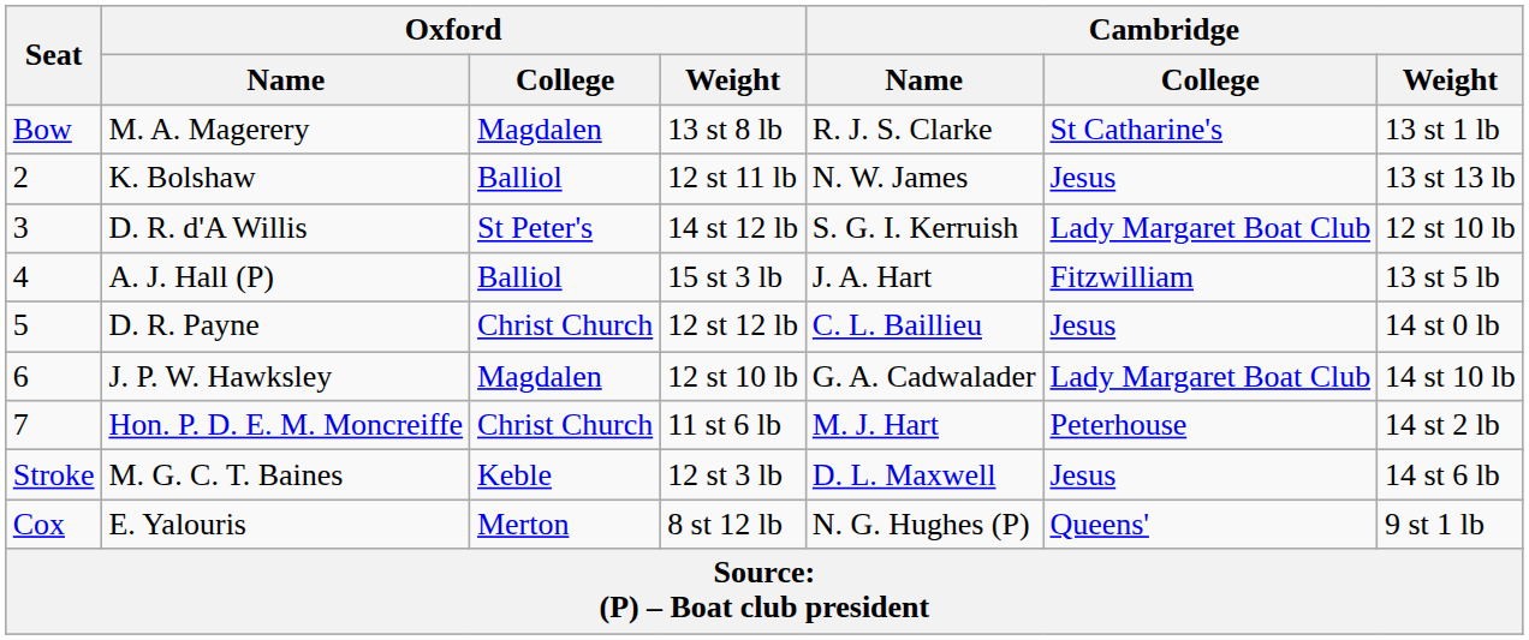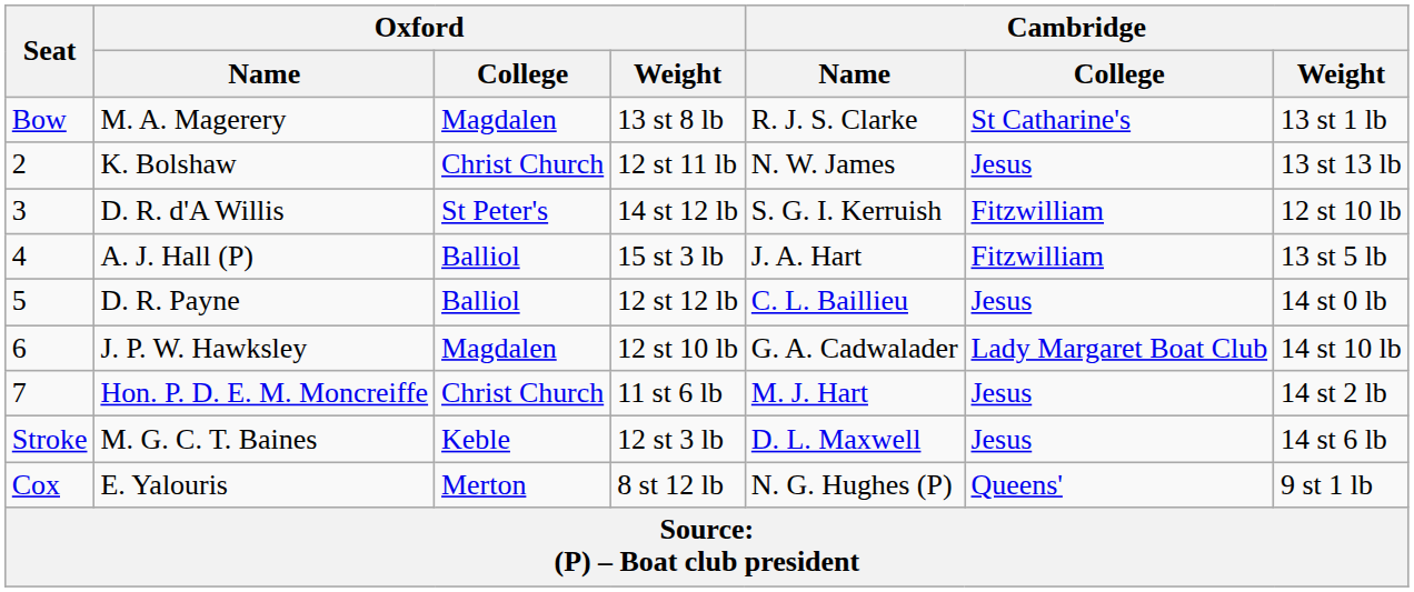 <table class="wikitable">
 <tr>
 <th rowspan="2" scope="col">Seat</th>
 <th colspan="3" scope="col">Oxford <br> </th>
 <th colspan="3" scope="col">Cambridge <br> </th>
 </tr>
 <tr>
 <th>Name</th>
 <th>College</th>
 <th>Weight</th>
 <th>Name</th>
 <th>College</th>
 <th>Weight</th>
 </tr>
 <tr>
 <td><a href='#'>Bow</a></td>
 <td>M. A. Magerery</td>
 <td><a href='#'>Magdalen</a></td>
 <td>13 st 8 lb</td>
 <td>R. J. S. Clarke</td>
 <td><a href='#'>St Catharine's</a></td>
 <td>13 st 1 lb</td>
 </tr>
 <tr>
 <td>2</td>
 <td>K. Bolshaw</td>
-<td><a href='#'>Balliol</a></td>
+<td><a href='#'>Christ Church</a></td>
 <td>12 st 11 lb</td>
 <td>N. W. James</td>
 <td><a href='#'>Jesus</a></td>
 <td>13 st 13 lb</td>
 </tr>
 <tr>
 <td>3</td>
 <td>D. R. d'A Willis</td>
 <td><a href='#'>St Peter's</a></td>
 <td>14 st 12 lb</td>
 <td>S. G. I. Kerruish</td>
-<td><a href='#'>Lady Margaret Boat Club</a></td>
+<td><a href='#'>Fitzwilliam</a></td>
 <td>12 st 10 lb</td>
 </tr>
 <tr>
 <td>4</td>
 <td>A. J. Hall (P)</td>
 <td><a href='#'>Balliol</a></td>
 <td>15 st 3 lb</td>
 <td>J. A. Hart</td>
 <td><a href='#'>Fitzwilliam</a></td>
 <td>13 st 5 lb</td>
 </tr>
 <tr>
 <td>5</td>
 <td>D. R. Payne</td>
-<td><a href='#'>Christ Church</a></td>
+<td><a href='#'>Balliol</a></td>
 <td>12 st 12 lb</td>
 <td><a href='#'>C. L. Baillieu</a></td>
 <td><a href='#'>Jesus</a></td>
 <td>14 st 0 lb</td>
 </tr>
 <tr>
 <td>6</td>
 <td>J. P. W. Hawksley</td>
 <td><a href='#'>Magdalen</a></td>
 <td>12 st 10 lb</td>
 <td>G. A. Cadwalader</td>
 <td><a href='#'>Lady Margaret Boat Club</a></td>
 <td>14 st 10 lb</td>
 </tr>
 <tr>
 <td>7</td>
 <td><a href='#'>Hon. P. D. E. M. Moncreiffe</a></td>
 <td><a href='#'>Christ Church</a></td>
 <td>11 st 6 lb</td>
 <td><a href='#'>M. J. Hart</a></td>
-<td><a href='#'>Peterhouse</a></td>
+<td><a href='#'>Jesus</a></td>
 <td>14 st 2 lb</td>
 </tr>
 <tr>
 <td><a href='#'>Stroke</a></td>
 <td>M. G. C. T. Baines</td>
 <td><a href='#'>Keble</a></td>
 <td>12 st 3 lb</td>
 <td><a href='#'>D. L. Maxwell</a></td>
 <td><a href='#'>Jesus</a></td>
 <td>14 st 6 lb</td>
 </tr>
 <tr>
 <td><a href='#'>Cox</a></td>
 <td>E. Yalouris</td>
 <td><a href='#'>Merton</a></td>
 <td>8 st 12 lb</td>
 <td>N. G. Hughes (P)</td>
 <td><a href='#'>Queens'</a></td>
 <td>9 st 1 lb</td>
 </tr>
 <tr>
 <th colspan="7">Source:<br>(P) – Boat club president</th>
 </tr>
 </table>
